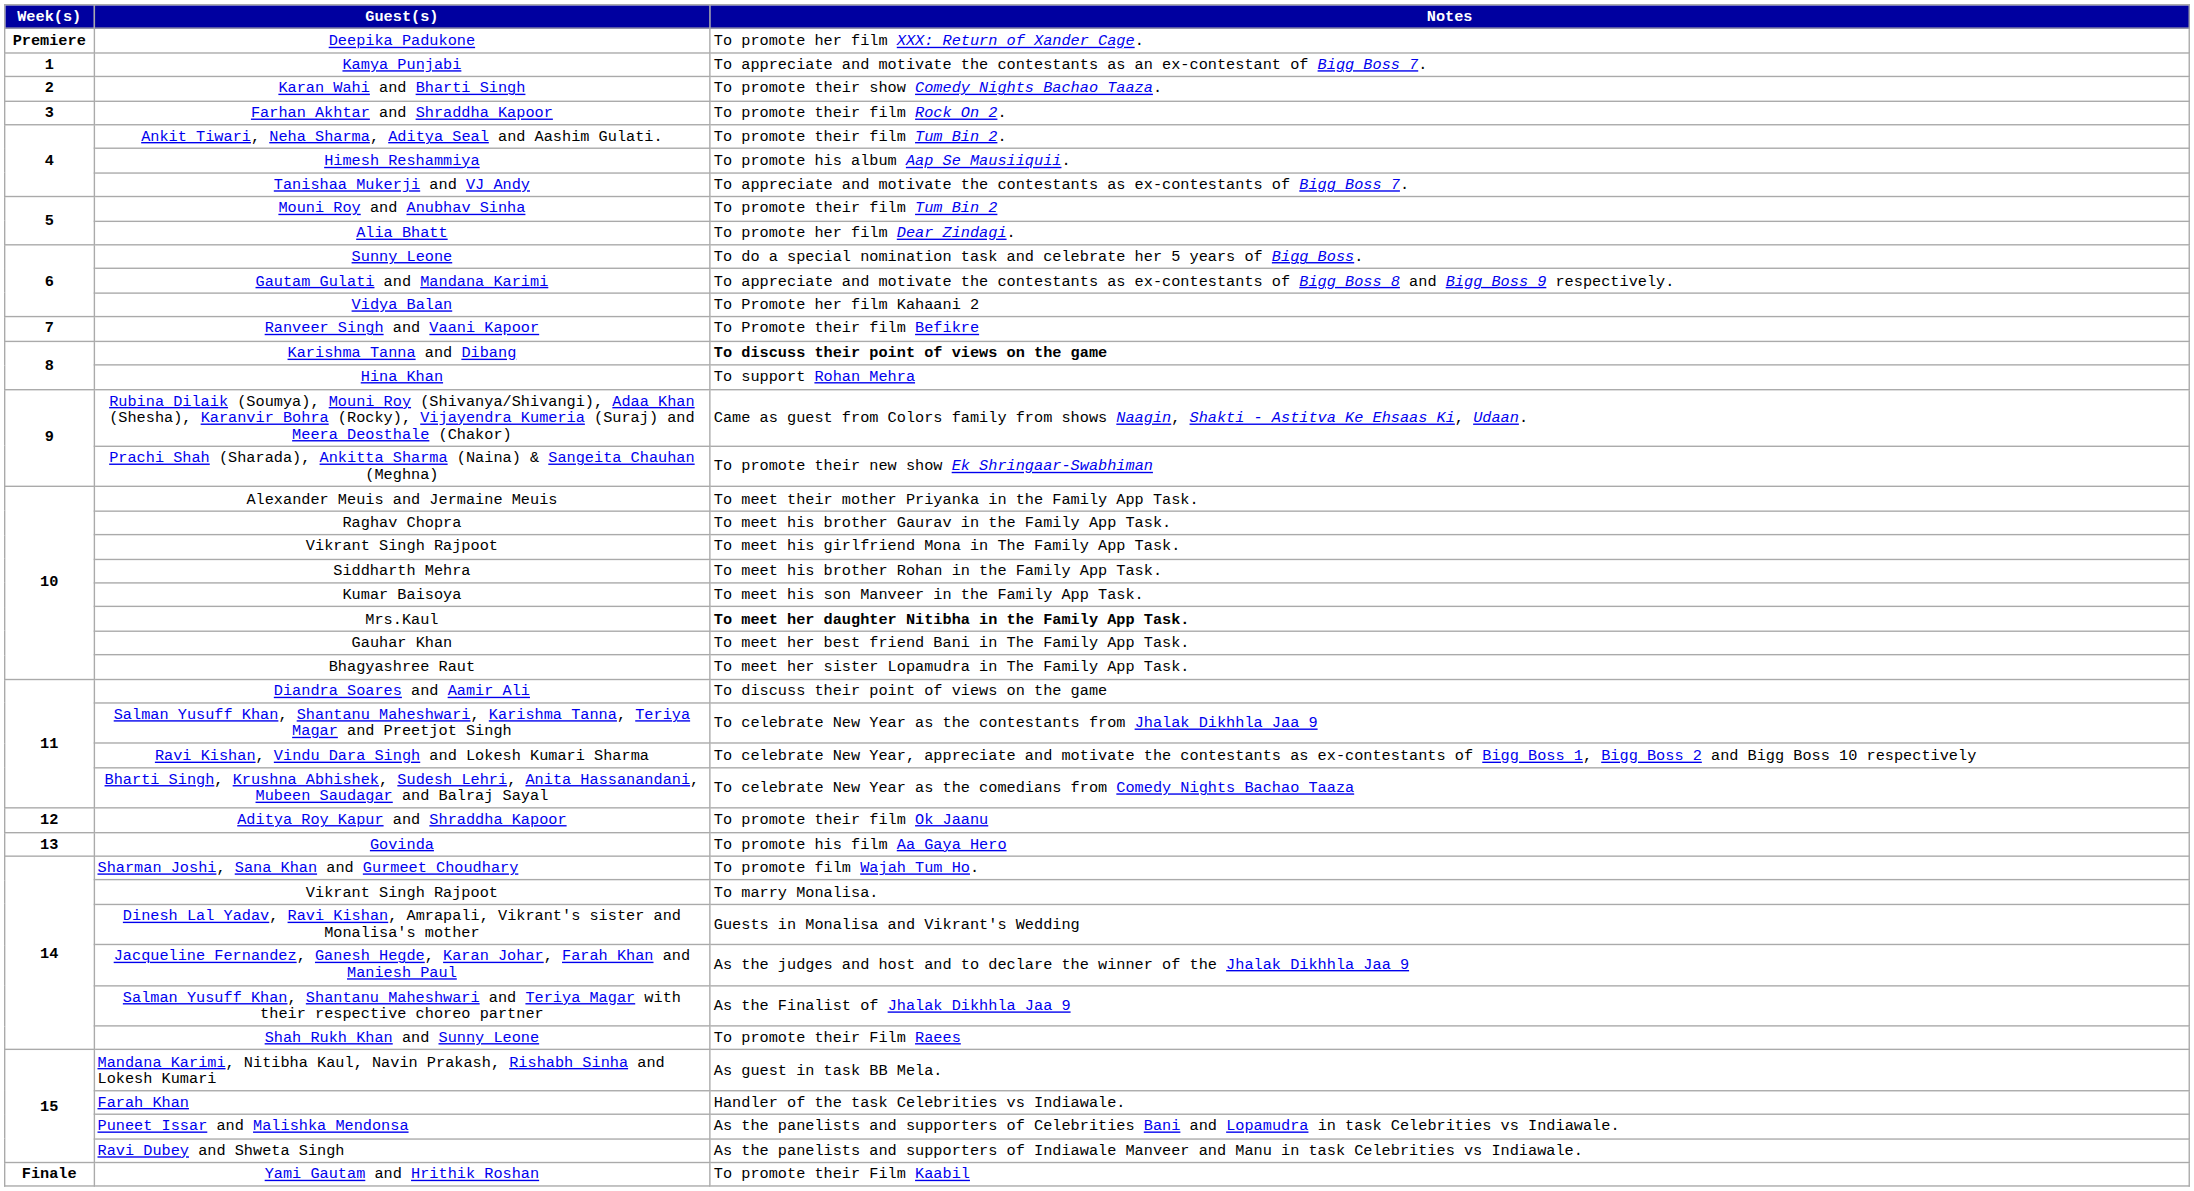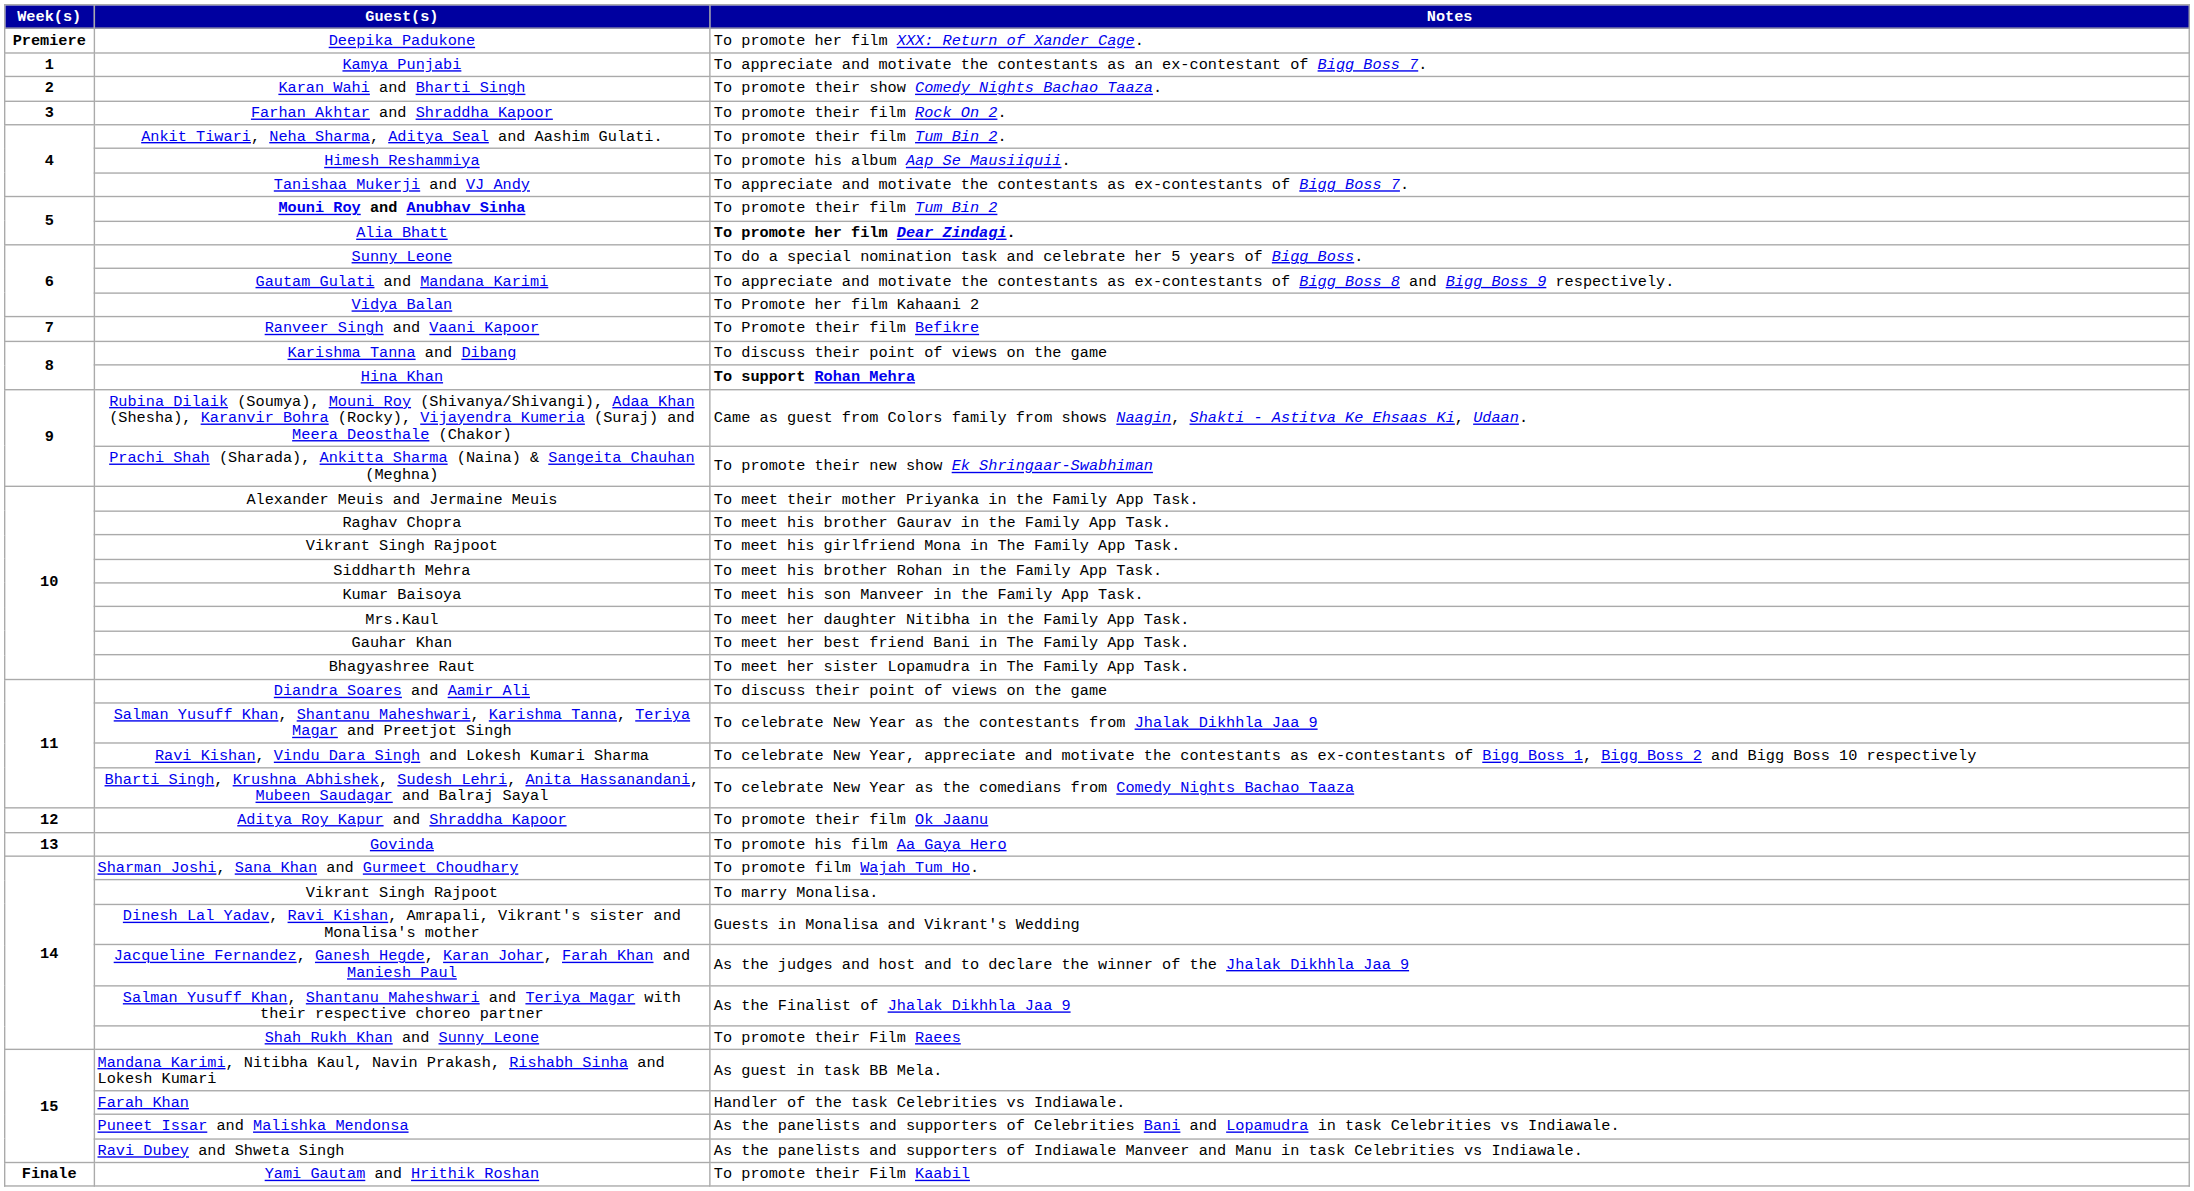 <table border="2" cellpadding="4" cellspacing="0" style="margin: 1em 1em 1em 0;font-size:85%; background: white; border: 1px #aaa solid; border-collapse: collapse;  width:100%;" class="wikitable">
 <tr>
 <th style="background:#0000A0; color:white; width:3%;">Week(s)</th>
 <th style="background:#0000A0; color:white; width:25%;">Guest(s)</th>
 <th style="background:#0000A0; color:white; width:60%;">Notes</th>
 </tr>
 <tr>
 <td style="text-align:center;"><strong>Premiere</strong></td>
 <td align=center><a href='#'>Deepika Padukone</a></td>
 <td>To promote her film <em><a href='#'>XXX: Return of Xander Cage</a></em>.</td>
 </tr>
 <tr>
 <td align=center><strong>1</strong></td>
 <td align=center><a href='#'>Kamya Punjabi</a></td>
 <td>To appreciate and motivate the contestants as an ex-contestant of <em><a href='#'>Bigg Boss 7</a></em>.</td>
 </tr>
 <tr>
 <td align=center><strong>2</strong></td>
 <td align=center><a href='#'>Karan Wahi</a> and <a href='#'>Bharti Singh</a></td>
 <td>To promote their show <em><a href='#'>Comedy Nights Bachao Taaza</a></em>.</td>
 </tr>
 <tr>
 <td align=center><strong>3</strong></td>
 <td align=center><a href='#'>Farhan Akhtar</a> and <a href='#'>Shraddha Kapoor</a></td>
 <td>To promote their film <em><a href='#'>Rock On 2</a></em>.</td>
 </tr>
 <tr>
 <td style="text-align:center;" rowspan="3"><strong>4</strong></td>
 <td align=center><a href='#'>Ankit Tiwari</a>, <a href='#'>Neha Sharma</a>, <a href='#'>Aditya Seal</a> and Aashim Gulati.</td>
 <td>To promote their film <em><a href='#'>Tum Bin 2</a></em>.</td>
 </tr>
 <tr>
 <td align=center><a href='#'>Himesh Reshammiya</a></td>
 <td>To promote his album <em><a href='#'>Aap Se Mausiiquii</a></em>.</td>
 </tr>
 <tr>
 <td align=center><a href='#'>Tanishaa Mukerji</a> and <a href='#'>VJ Andy</a></td>
 <td>To appreciate and motivate the contestants as ex-contestants of <em><a href='#'>Bigg Boss 7</a></em>.</td>
 </tr>
 <tr>
 <td style="text-align:center;" rowspan="2"><strong>5</strong></td>
-<td align=center><a href='#'>Mouni Roy</a> and <a href='#'>Anubhav Sinha</a></td>
+<td align=center><strong><a href='#'>Mouni Roy</a> and <a href='#'>Anubhav Sinha</a></strong></td>
 <td>To promote their film <em><a href='#'>Tum Bin 2</a></em></td>
 </tr>
 <tr>
 <td align=center><a href='#'>Alia Bhatt</a></td>
-<td>To promote her film <em><a href='#'>Dear Zindagi</a></em>.</td>
+<td><strong>To promote her film <em><a href='#'>Dear Zindagi</a></em>.</strong></td>
 </tr>
 <tr>
 <td rowspan="3" style="text-align:center;"><strong>6</strong></td>
 <td align=center><a href='#'>Sunny Leone</a></td>
 <td>To do a special nomination task and celebrate her 5 years of <em><a href='#'>Bigg Boss</a></em>.</td>
 </tr>
 <tr>
 <td align=center><a href='#'>Gautam Gulati</a> and <a href='#'>Mandana Karimi</a></td>
 <td>To appreciate and motivate the contestants as ex-contestants of <em><a href='#'>Bigg Boss 8</a></em> and <em><a href='#'>Bigg Boss 9</a></em> respectively.</td>
 </tr>
 <tr>
 <td align=center><a href='#'>Vidya Balan</a></td>
 <td>To Promote her film Kahaani 2</td>
 </tr>
 <tr>
 <td style="text-align:center;"><strong>7</strong></td>
 <td align=center><a href='#'>Ranveer Singh</a> and <a href='#'>Vaani Kapoor</a></td>
 <td>To Promote their film <a href='#'>Befikre</a></td>
 </tr>
 <tr>
 <td rowspan="2" style="text-align:center;"><strong>8</strong></td>
 <td align=center><a href='#'>Karishma Tanna</a> and <a href='#'>Dibang</a></td>
-<td><strong>To discuss their point of views on the game</strong></td>
+<td>To discuss their point of views on the game</td>
 </tr>
 <tr>
 <td align=center><a href='#'>Hina Khan</a></td>
-<td>To support <a href='#'>Rohan Mehra</a></td>
+<td><strong>To support <a href='#'>Rohan Mehra</a></strong></td>
 </tr>
 <tr>
 <td rowspan="2" style="text-align:center;"><strong>9</strong></td>
 <td align=center><a href='#'>Rubina Dilaik</a> (Soumya), <a href='#'>Mouni Roy</a> (Shivanya/Shivangi), <a href='#'>Adaa Khan</a> (Shesha), <a href='#'>Karanvir Bohra</a> (Rocky), <a href='#'>Vijayendra Kumeria</a> (Suraj) and <a href='#'>Meera Deosthale</a> (Chakor)</td>
 <td>Came as guest from Colors family from shows <em><a href='#'>Naagin</a></em>, <em><a href='#'>Shakti - Astitva Ke Ehsaas Ki</a></em>, <em><a href='#'>Udaan</a></em>.</td>
 </tr>
 <tr>
 <td align=center><a href='#'>Prachi Shah</a> (Sharada), <a href='#'>Ankitta Sharma</a> (Naina) & <a href='#'>Sangeita Chauhan</a> (Meghna)</td>
 <td>To promote their new show <em><a href='#'>Ek Shringaar-Swabhiman</a></em></td>
 </tr>
 <tr>
 <td rowspan="8" style="text-align:center;"><strong>10</strong></td>
 <td align=center>Alexander Meuis and Jermaine Meuis</td>
 <td>To meet their mother Priyanka in the Family App Task.</td>
 </tr>
 <tr>
 <td align=center>Raghav Chopra</td>
 <td>To meet his brother Gaurav in the Family App Task.</td>
 </tr>
 <tr>
 <td align=center>Vikrant Singh Rajpoot</td>
 <td>To meet his girlfriend Mona in The Family App Task.</td>
 </tr>
 <tr>
 <td align=center>Siddharth Mehra</td>
 <td>To meet his brother Rohan in the Family App Task.</td>
 </tr>
 <tr>
 <td align=center>Kumar Baisoya</td>
 <td>To meet his son Manveer in the Family App Task.</td>
 </tr>
 <tr>
 <td align=center>Mrs.Kaul</td>
-<td><strong>To meet her daughter Nitibha in the Family App Task.</strong></td>
+<td>To meet her daughter Nitibha in the Family App Task.</td>
 </tr>
 <tr>
 <td align=center>Gauhar Khan</td>
 <td>To meet her best friend Bani in The Family App Task.</td>
 </tr>
 <tr>
 <td align=center>Bhagyashree Raut</td>
 <td>To meet her sister Lopamudra in The Family App Task.</td>
 </tr>
 <tr>
 <td rowspan="4" style="text-align:center;"><strong>11</strong></td>
 <td align=center><a href='#'>Diandra Soares</a> and <a href='#'>Aamir Ali</a></td>
 <td>To discuss their point of views on the game</td>
 </tr>
 <tr>
 <td align=Center><a href='#'>Salman Yusuff Khan</a>, <a href='#'>Shantanu Maheshwari</a>, <a href='#'>Karishma Tanna</a>, <a href='#'>Teriya Magar</a> and Preetjot Singh</td>
 <td>To celebrate New Year as the contestants from <a href='#'>Jhalak Dikhhla Jaa 9</a></td>
 </tr>
 <tr>
 <td align=center><a href='#'>Ravi Kishan</a>, <a href='#'>Vindu Dara Singh</a> and Lokesh Kumari Sharma</td>
 <td>To celebrate New Year, appreciate and motivate the contestants as ex-contestants of <a href='#'>Bigg Boss 1</a>, <a href='#'>Bigg Boss 2</a>        and Bigg Boss 10 respectively</td>
 </tr>
 <tr>
 <td align=center><a href='#'>Bharti Singh</a>, <a href='#'>Krushna Abhishek</a>, <a href='#'>Sudesh Lehri</a>, <a href='#'>Anita Hassanandani</a>, <a href='#'>Mubeen Saudagar</a> and Balraj Sayal</td>
 <td>To celebrate New Year as the comedians from <a href='#'>Comedy Nights Bachao Taaza</a></td>
 </tr>
 <tr>
 <td style="text-align:center;"><strong>12</strong></td>
 <td style="text-align:center;"><a href='#'>Aditya Roy Kapur</a> and <a href='#'>Shraddha Kapoor</a></td>
 <td>To promote their film <a href='#'>Ok Jaanu</a></td>
 </tr>
 <tr>
 <td style="text-align:center;"><strong>13</strong></td>
 <td style="text-align:center;"><a href='#'>Govinda</a></td>
 <td>To promote his film <a href='#'>Aa Gaya Hero</a></td>
 </tr>
 <tr>
 <td rowspan="6" align="center"><strong>14</strong></td>
 <td><a href='#'>Sharman Joshi</a>, <a href='#'>Sana Khan</a> and <a href='#'>Gurmeet Choudhary</a></td>
 <td>To promote film <a href='#'>Wajah Tum Ho</a>.</td>
 </tr>
 <tr>
 <td style="text-align:center;">Vikrant Singh Rajpoot</td>
 <td>To marry Monalisa.</td>
 </tr>
 <tr>
 <td style="text-align:center;"><a href='#'>Dinesh Lal Yadav</a>, <a href='#'>Ravi Kishan</a>, Amrapali, Vikrant's sister and Monalisa's mother</td>
 <td>Guests in Monalisa and Vikrant's Wedding</td>
 </tr>
 <tr>
 <td style="text-align:center;"><a href='#'>Jacqueline Fernandez</a>, <a href='#'>Ganesh Hegde</a>, <a href='#'>Karan Johar</a>, <a href='#'>Farah Khan</a> and <a href='#'>Maniesh Paul</a></td>
 <td>As the judges and host and to declare the winner of the <a href='#'>Jhalak Dikhhla Jaa 9</a></td>
 </tr>
 <tr>
 <td style="text-align:center;"><a href='#'>Salman Yusuff Khan</a>, <a href='#'>Shantanu Maheshwari</a> and <a href='#'>Teriya Magar</a> with their respective choreo partner</td>
 <td>As the Finalist of <a href='#'>Jhalak Dikhhla Jaa 9</a></td>
 </tr>
 <tr>
 <td style="text-align:center;"><a href='#'>Shah Rukh Khan</a> and <a href='#'>Sunny Leone</a></td>
 <td>To promote their Film <a href='#'>Raees</a></td>
 </tr>
 <tr>
 <td rowspan="4" style="text-align:center;"><strong>15</strong></td>
 <td><a href='#'>Mandana Karimi</a>, Nitibha Kaul, Navin Prakash, <a href='#'>Rishabh Sinha</a> and Lokesh Kumari</td>
 <td>As guest in task BB Mela.</td>
 </tr>
 <tr>
 <td><a href='#'>Farah Khan</a></td>
 <td>Handler of the task Celebrities vs Indiawale.</td>
 </tr>
 <tr>
 <td><a href='#'>Puneet Issar</a> and <a href='#'>Malishka Mendonsa</a></td>
 <td>As the panelists and supporters of Celebrities <a href='#'>Bani</a> and <a href='#'>Lopamudra</a> in task Celebrities vs Indiawale.</td>
 </tr>
 <tr>
 <td><a href='#'>Ravi Dubey</a> and Shweta Singh</td>
 <td>As the panelists and supporters of Indiawale Manveer and Manu in task Celebrities vs Indiawale.</td>
 </tr>
 <tr>
 <td style="text-align:center;"><strong>Finale</strong></td>
 <td style="text-align:center;"><a href='#'>Yami Gautam</a> and <a href='#'>Hrithik Roshan</a></td>
 <td>To promote their Film <a href='#'>Kaabil</a></td>
 </tr>
 </table>
